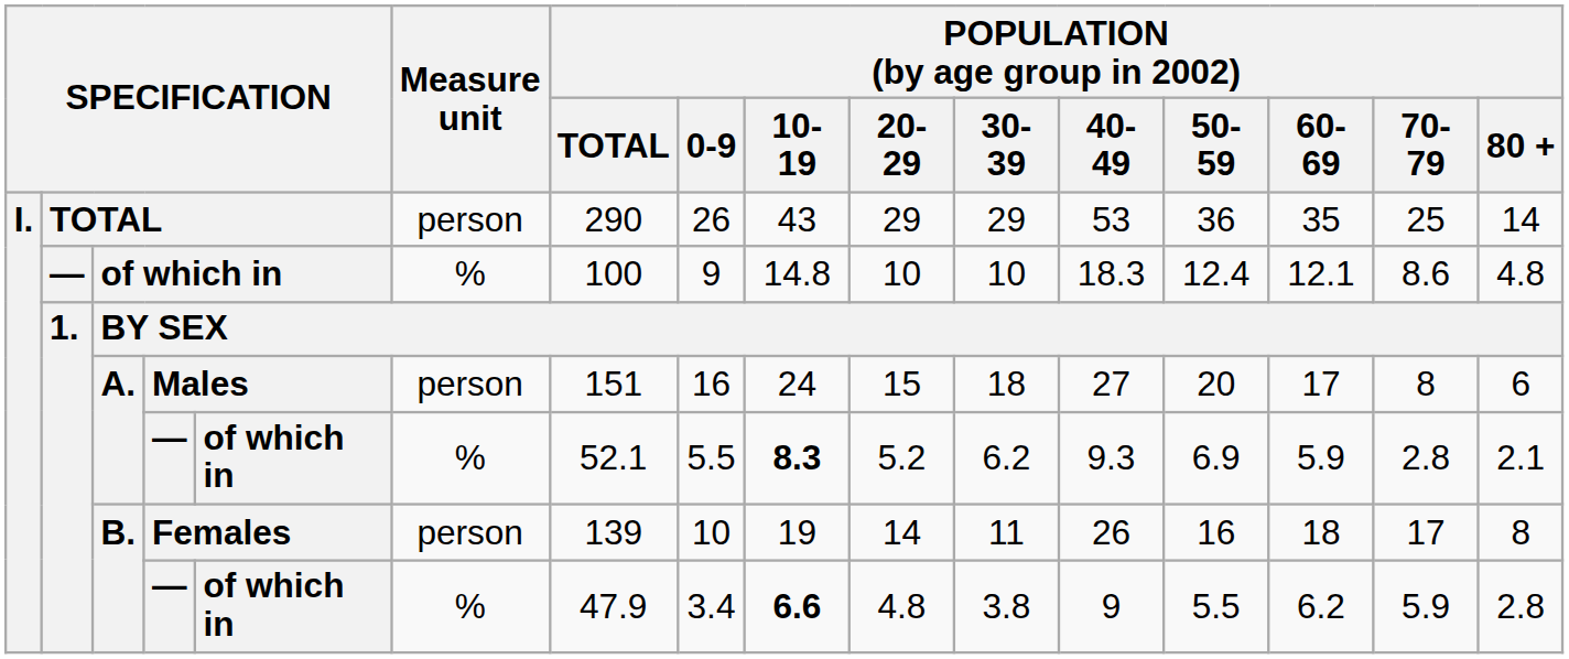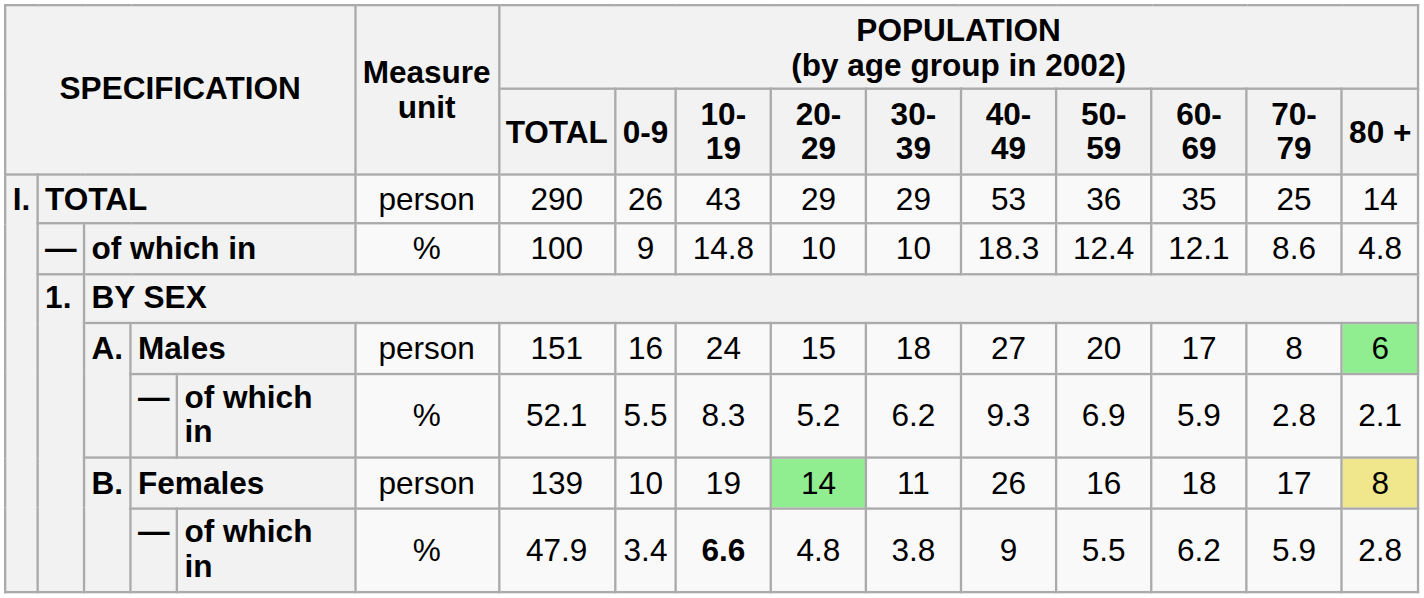 <table class="wikitable" style="font-size:85%; text-align:center">
 <tr>
 <th rowspan="2" colspan="5">SPECIFICATION</th>
 <th rowspan="2">Measure<br> unit</th>
 <th colspan="10" rowspan="1">POPULATION<br> (by age group in 2002)</th>
 </tr>
 <tr>
 <th>TOTAL</th>
 <th>0-9</th>
 <th>10-19</th>
 <th>20-29</th>
 <th>30-39</th>
 <th>40-49</th>
 <th>50-59</th>
 <th>60-69</th>
 <th>70-79</th>
 <th>80 +</th>
 </tr>
 <tr>
 <th style="text-align:left" valign="top" rowspan="7">I.</th>
 <th style="text-align:left" colspan="4">TOTAL</th>
 <td>person</td>
 <td>290</td>
 <td>26</td>
 <td>43</td>
 <td>29</td>
 <td>29</td>
 <td>53</td>
 <td>36</td>
 <td>35</td>
 <td>25</td>
 <td>14</td>
 </tr>
 <tr>
 <th style="text-align:left" valign="top">—</th>
 <th style="text-align:left" colspan="3">of which in</th>
 <td>%</td>
 <td>100</td>
 <td>9</td>
 <td>14.8</td>
 <td>10</td>
 <td>10</td>
 <td>18.3</td>
 <td>12.4</td>
 <td>12.1</td>
 <td>8.6</td>
 <td>4.8</td>
 </tr>
 <tr>
 <th style="text-align:left" valign="top" rowspan="5">1.</th>
 <th style="text-align:left" colspan="14">BY SEX</th>
 </tr>
 <tr>
 <th style="text-align:left" valign="top" rowspan="2">A.</th>
 <th style="text-align:left" colspan="2">Males</th>
 <td>person</td>
 <td>151</td>
 <td>16</td>
 <td>24</td>
 <td>15</td>
 <td>18</td>
 <td>27</td>
 <td>20</td>
 <td>17</td>
 <td>8</td>
-<td>6</td>
+<td style="background: lightgreen;">6</td>
 </tr>
 <tr>
 <th style="text-align:left" valign="top">—</th>
 <th style="text-align:left" colspan="1">of which in</th>
 <td>%</td>
 <td>52.1</td>
 <td>5.5</td>
-<td><strong>8.3</strong></td>
+<td>8.3</td>
 <td>5.2</td>
 <td>6.2</td>
 <td>9.3</td>
 <td>6.9</td>
 <td>5.9</td>
 <td>2.8</td>
 <td>2.1</td>
 </tr>
 <tr>
 <th style="text-align:left" valign="top" rowspan="2">B.</th>
 <th style="text-align:left" colspan="2">Females</th>
 <td>person</td>
 <td>139</td>
 <td>10</td>
 <td>19</td>
-<td>14</td>
+<td style="background: lightgreen;">14</td>
 <td>11</td>
 <td>26</td>
 <td>16</td>
 <td>18</td>
 <td>17</td>
-<td>8</td>
+<td style="background: khaki;">8</td>
 </tr>
 <tr>
 <th style="text-align:left" valign="top">—</th>
 <th style="text-align:left" colspan="1">of which in</th>
 <td>%</td>
 <td>47.9</td>
 <td>3.4</td>
 <td><strong>6.6</strong></td>
 <td>4.8</td>
 <td>3.8</td>
 <td>9</td>
 <td>5.5</td>
 <td>6.2</td>
 <td>5.9</td>
 <td>2.8</td>
 </tr>
 </table>
